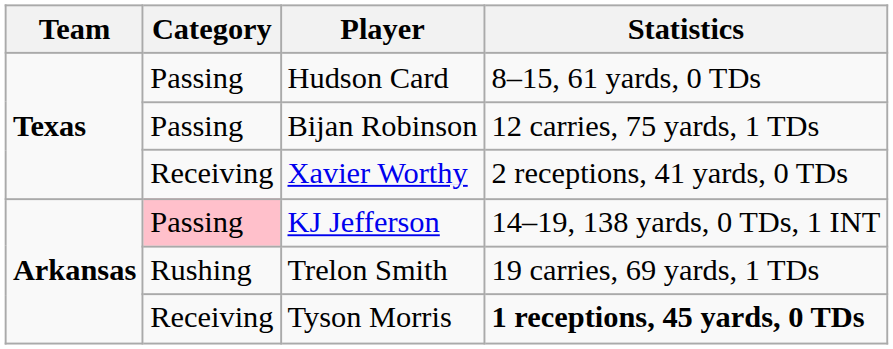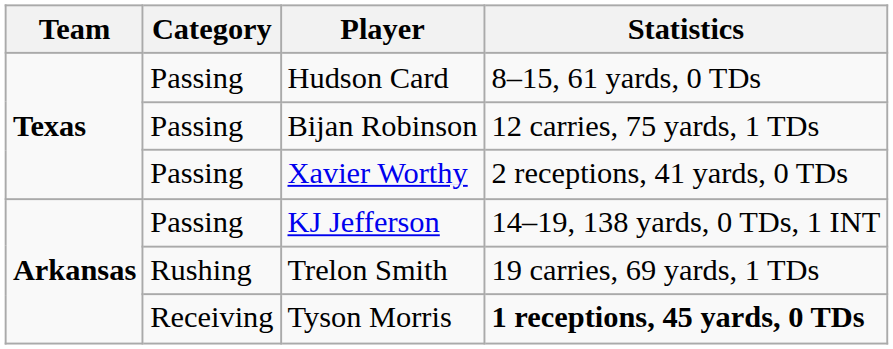 <table class="wikitable" style="float: right;">
 <tr>
 <th>Team</th>
 <th>Category</th>
 <th>Player</th>
 <th>Statistics</th>
 </tr>
 <tr>
 <td rowspan=3><strong>Texas</strong></td>
 <td>Passing</td>
 <td>Hudson Card</td>
 <td>8–15, 61 yards, 0 TDs</td>
 </tr>
 <tr>
 <td>Passing</td>
 <td>Bijan Robinson</td>
 <td>12 carries, 75 yards, 1 TDs</td>
 </tr>
 <tr>
-<td>Receiving</td>
+<td>Passing</td>
 <td><a href='#'>Xavier Worthy</a></td>
 <td>2 receptions, 41 yards, 0 TDs</td>
 </tr>
 <tr>
 <td rowspan=3><strong>Arkansas</strong></td>
-<td style="background: pink;">Passing</td>
+<td>Passing</td>
 <td><a href='#'>KJ Jefferson</a></td>
 <td>14–19, 138 yards, 0 TDs, 1 INT</td>
 </tr>
 <tr>
 <td>Rushing</td>
 <td>Trelon Smith</td>
 <td>19 carries, 69 yards, 1 TDs</td>
 </tr>
 <tr>
 <td>Receiving</td>
 <td>Tyson Morris</td>
 <td><strong>1 receptions, 45 yards, 0 TDs</strong></td>
 </tr>
 </table>
